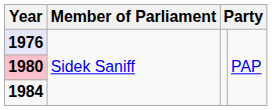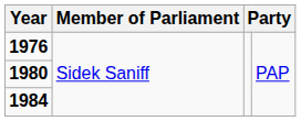 <table class="wikitable">
 <tr>
 <th>Year</th>
 <th>Member of Parliament</th>
 <th colspan="2">Party</th>
 </tr>
 <tr>
-<td style="background: lavender;"><strong>1976</strong></td>
+<td><strong>1976</strong></td>
 <td rowspan="3"><a href='#'>Sidek Saniff</a></td>
 <td rowspan="3"></td>
 <td rowspan="3"><a href='#'>PAP</a></td>
 </tr>
 <tr>
-<td style="background: pink;"><strong>1980</strong></td>
+<td><strong>1980</strong></td>
 </tr>
 <tr>
 <td><strong>1984</strong></td>
 </tr>
 </table>
